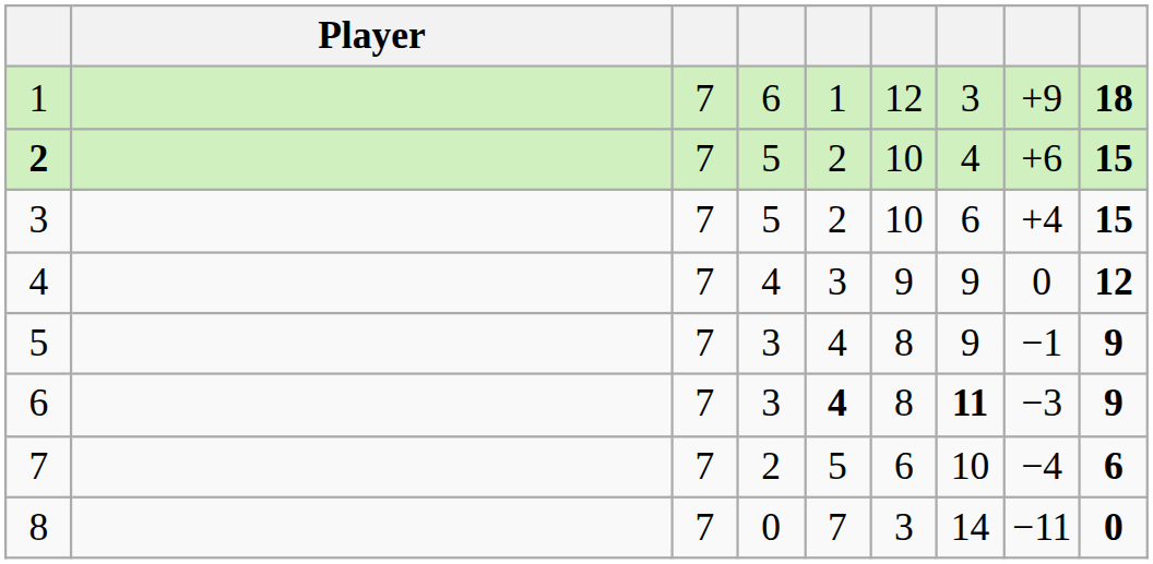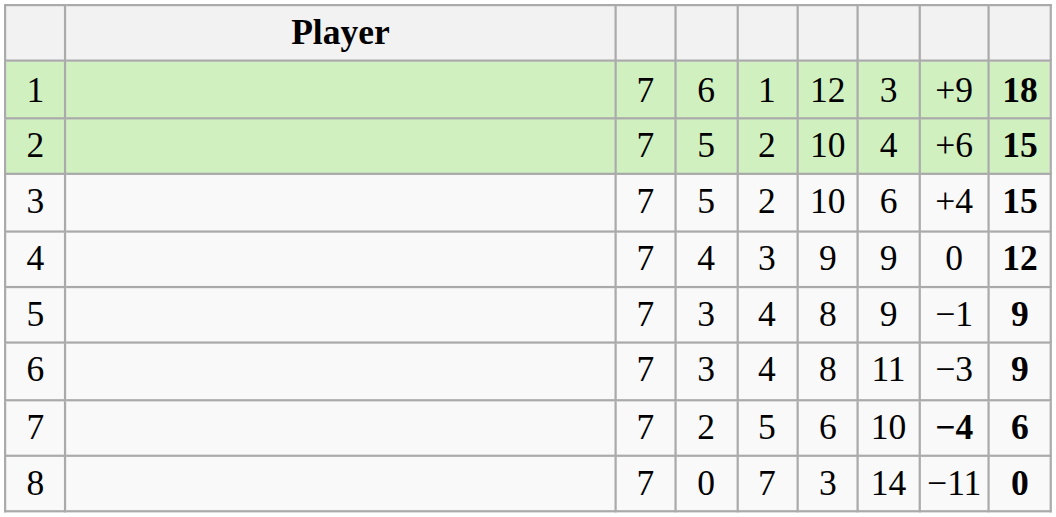 <table class="wikitable" style="text-align:center; margin: 1em auto 1em auto, align:left">
 <tr>
 <th width=20></th>
 <th width=240>Player</th>
 <th width=20></th>
 <th width=20></th>
 <th width=20></th>
 <th width=20></th>
 <th width=20></th>
 <th width=20></th>
 <th width=20></th>
 </tr>
 <tr style="background:#D0F0C0;">
 <td>1</td>
 <td align=left></td>
 <td>7</td>
 <td>6</td>
 <td>1</td>
 <td>12</td>
 <td>3</td>
 <td>+9</td>
 <td><strong>18</strong></td>
 </tr>
 <tr style="background:#D0F0C0;">
-<td><strong>2</strong></td>
+<td>2</td>
 <td align=left></td>
 <td>7</td>
 <td>5</td>
 <td>2</td>
 <td>10</td>
 <td>4</td>
 <td>+6</td>
 <td><strong>15</strong></td>
 </tr>
 <tr style=>
 <td>3</td>
 <td align=left></td>
 <td>7</td>
 <td>5</td>
 <td>2</td>
 <td>10</td>
 <td>6</td>
 <td>+4</td>
 <td><strong>15</strong></td>
 </tr>
 <tr style=>
 <td>4</td>
 <td align=left></td>
 <td>7</td>
 <td>4</td>
 <td>3</td>
 <td>9</td>
 <td>9</td>
 <td>0</td>
 <td><strong>12</strong></td>
 </tr>
 <tr style=>
 <td>5</td>
 <td align=left></td>
 <td>7</td>
 <td>3</td>
 <td>4</td>
 <td>8</td>
 <td>9</td>
 <td>−1</td>
 <td><strong>9</strong></td>
 </tr>
 <tr style=>
 <td>6</td>
 <td align=left></td>
 <td>7</td>
 <td>3</td>
-<td><strong>4</strong></td>
+<td>4</td>
 <td>8</td>
-<td><strong>11</strong></td>
+<td>11</td>
 <td>−3</td>
 <td><strong>9</strong></td>
 </tr>
 <tr style=>
 <td>7</td>
 <td align=left></td>
 <td>7</td>
 <td>2</td>
 <td>5</td>
 <td>6</td>
 <td>10</td>
-<td>−4</td>
+<td><strong>−4</strong></td>
 <td><strong>6</strong></td>
 </tr>
 <tr style=>
 <td>8</td>
 <td align=left></td>
 <td>7</td>
 <td>0</td>
 <td>7</td>
 <td>3</td>
 <td>14</td>
 <td>−11</td>
 <td><strong>0</strong></td>
 </tr>
 </table>
